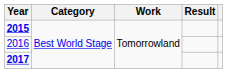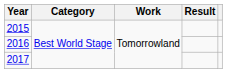 <table class="wikitable">
 <tr>
 <th>Year</th>
 <th>Category</th>
 <th>Work</th>
 <th>Result</th>
 <th></th>
 </tr>
 <tr>
-<td><strong><a href='#'>2015</a></strong></td>
+<td><a href='#'>2015</a></td>
 <td rowspan="3"><a href='#'>Best World Stage</a></td>
 <td rowspan="3">Tomorrowland</td>
 <td></td>
 <td></td>
 </tr>
 <tr>
 <td><a href='#'>2016</a></td>
 <td></td>
 <td></td>
 </tr>
 <tr>
-<td><strong><a href='#'>2017</a></strong></td>
+<td><a href='#'>2017</a></td>
 <td></td>
 <td></td>
 </tr>
 </table>
